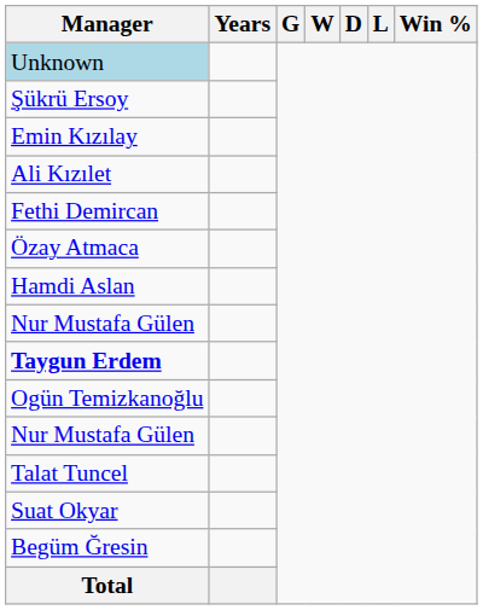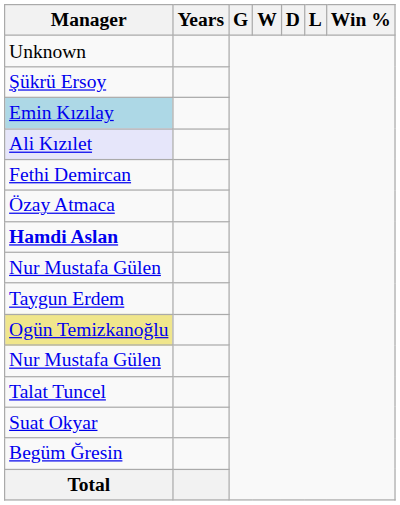 <table class=wikitable>
 <tr>
 <th>Manager</th>
 <th>Years</th>
 <th>G</th>
 <th>W</th>
 <th>D</th>
 <th>L</th>
 <th>Win %</th>
 </tr>
 <tr>
-<td style="background: lightblue;">Unknown</td>
+<td>Unknown</td>
 <td 1997-2001></td>
 </tr>
 <tr>
 <td><a href='#'>Şükrü Ersoy</a></td>
 <td 2002></td>
 </tr>
 <tr>
-<td><a href='#'>Emin Kızılay</a></td>
+<td style="background: lightblue;"><a href='#'>Emin Kızılay</a></td>
 <td 2003></td>
 </tr>
 <tr>
-<td><a href='#'>Ali Kızılet</a></td>
+<td style="background: lavender;"><a href='#'>Ali Kızılet</a></td>
 <td 2006></td>
 </tr>
 <tr>
 <td><a href='#'>Fethi Demircan</a></td>
 <td 2006></td>
 </tr>
 <tr>
 <td><a href='#'>Özay Atmaca</a></td>
 <td 2007–2008></td>
 </tr>
 <tr>
-<td><a href='#'>Hamdi Aslan</a></td>
+<td><strong><a href='#'>Hamdi Aslan</a></strong></td>
 <td 2009–2010></td>
 </tr>
 <tr>
 <td><a href='#'>Nur Mustafa Gülen</a></td>
 <td 2011></td>
 </tr>
 <tr>
-<td><strong><a href='#'>Taygun Erdem</a></strong></td>
+<td><a href='#'>Taygun Erdem</a></td>
 <td 2012></td>
 </tr>
 <tr>
-<td><a href='#'>Ogün Temizkanoğlu</a></td>
+<td style="background: khaki;"><a href='#'>Ogün Temizkanoğlu</a></td>
 <td 2012></td>
 </tr>
 <tr>
 <td><a href='#'>Nur Mustafa Gülen</a></td>
 <td 2013></td>
 </tr>
 <tr>
 <td><a href='#'>Talat Tuncel</a></td>
 <td 2013–2014></td>
 </tr>
 <tr>
 <td><a href='#'>Suat Okyar</a></td>
 <td 2015–2019></td>
 </tr>
 <tr>
 <td><a href='#'>Begüm Ğresin</a></td>
 <td 2021–2022></td>
 </tr>
 <tr>
 <th>Total</th>
 <th 2006-2022></th>
 </tr>
 </table>
